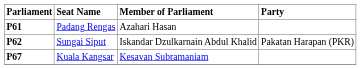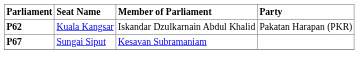 <table class="toccolours sortable" border="1" cellpadding="3" style="border-collapse:collapse; text-align: left;">
 <tr>
 <th align="center">Parliament</th>
 <th>Seat Name</th>
 <th>Member of Parliament</th>
 <th>Party</th>
 </tr>
 <tr>
-<th align="left">P61</th>
-<td><a href='#'>Padang Rengas</a></td>
-<td>Azahari Hasan</td>
-<td></td>
-</tr>
-<tr>
 <th align="left">P62</th>
-<td><a href='#'>Sungai Siput</a></td>
+<td><a href='#'>Kuala Kangsar</a></td>
 <td>Iskandar Dzulkarnain Abdul Khalid</td>
 <td>Pakatan Harapan (PKR)</td>
 </tr>
 <tr>
 <th align="left">P67</th>
-<td><a href='#'>Kuala Kangsar</a></td>
+<td><a href='#'>Sungai Siput</a></td>
 <td><a href='#'>Kesavan Subramaniam</a></td>
 <td></td>
 </tr>
 <tr>
 </tr>
 </table>
